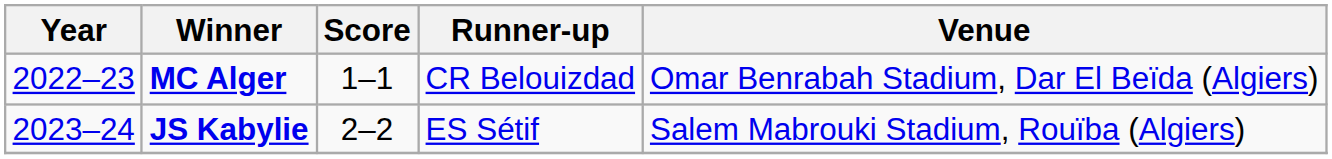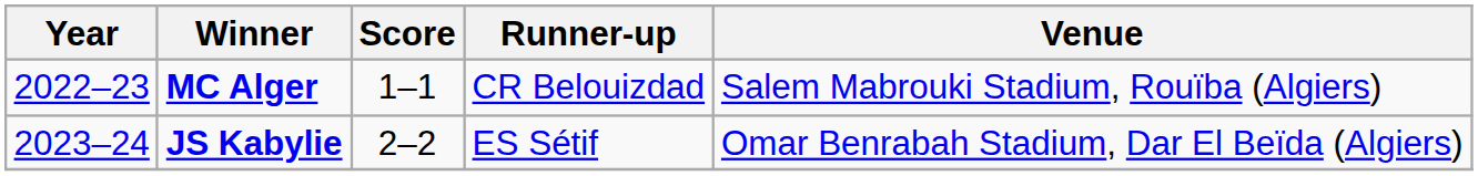 <table class="wikitable" style="text-left: center; font-size:85%;">
 <tr>
 <th>Year</th>
 <th>Winner</th>
 <th>Score</th>
 <th>Runner-up</th>
 <th>Venue</th>
 </tr>
 <tr>
 <td><a href='#'>2022–23</a></td>
 <td><strong><a href='#'>MC Alger</a></strong></td>
 <td align=center>1–1 </td>
 <td><a href='#'>CR Belouizdad</a></td>
-<td><a href='#'>Omar Benrabah Stadium</a>, <a href='#'>Dar El Beïda</a> (<a href='#'>Algiers</a>)</td>
+<td><a href='#'>Salem Mabrouki Stadium</a>, <a href='#'>Rouïba</a> (<a href='#'>Algiers</a>)</td>
 </tr>
 <tr>
 <td><a href='#'>2023–24</a></td>
 <td><strong><a href='#'>JS Kabylie</a></strong></td>
 <td align=center>2–2 </td>
 <td><a href='#'>ES Sétif</a></td>
-<td><a href='#'>Salem Mabrouki Stadium</a>, <a href='#'>Rouïba</a> (<a href='#'>Algiers</a>)</td>
+<td><a href='#'>Omar Benrabah Stadium</a>, <a href='#'>Dar El Beïda</a> (<a href='#'>Algiers</a>)</td>
 </tr>
 <tr>
 </tr>
 </table>
